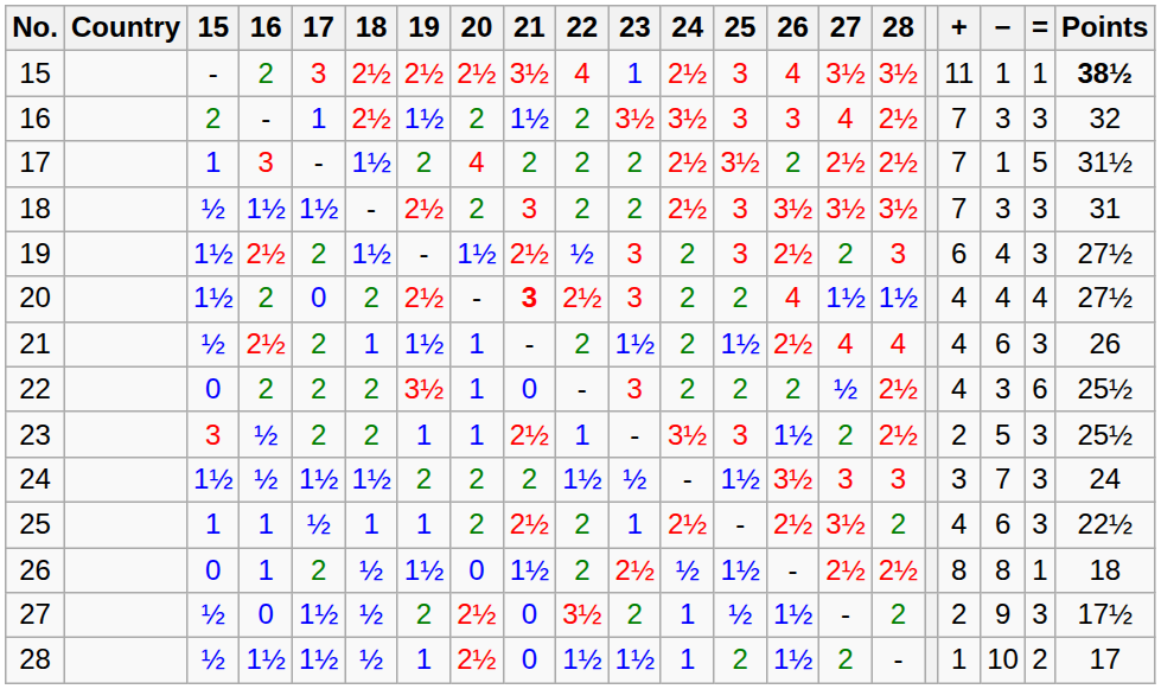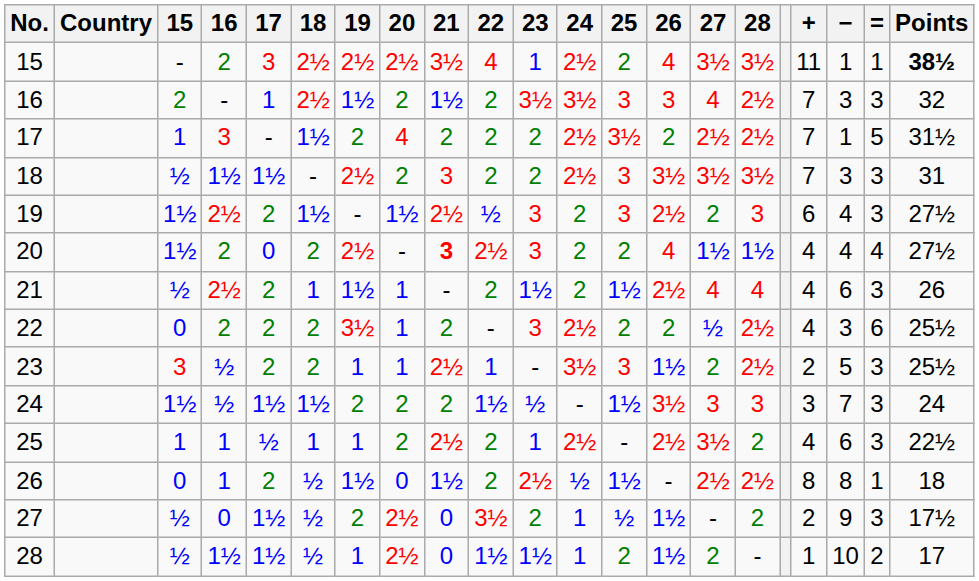 <table class="wikitable" style="text-align:center">
 <tr>
 <th>No.</th>
 <th>Country</th>
 <th>15</th>
 <th>16</th>
 <th>17</th>
 <th>18</th>
 <th>19</th>
 <th>20</th>
 <th>21</th>
 <th>22</th>
 <th>23</th>
 <th>24</th>
 <th>25</th>
 <th>26</th>
 <th>27</th>
 <th>28</th>
 <th></th>
 <th>+</th>
 <th>−</th>
 <th>=</th>
 <th>Points</th>
 </tr>
 <tr>
 <td>15</td>
 <td style="text-align: left"></td>
 <td>-</td>
 <td style="color:green;">2</td>
 <td style="color:red;">3</td>
 <td style="color:red;">2½</td>
 <td style="color:red;">2½</td>
 <td style="color:red;">2½</td>
 <td style="color:red;">3½</td>
 <td style="color:red;">4</td>
 <td style="color:blue;">1</td>
 <td style="color:red;">2½</td>
-<td style="color:red;">3</td>
+<td style="color:green;">2</td>
 <td style="color:red;">4</td>
 <td style="color:red;">3½</td>
 <td style="color:red;">3½</td>
 <th></th>
 <td>11</td>
 <td>1</td>
 <td>1</td>
 <td><strong>38½ </strong></td>
 </tr>
 <tr>
 <td>16</td>
 <td style="text-align: left"></td>
 <td style="color:green;">2</td>
 <td>-</td>
 <td style="color:blue;">1</td>
 <td style="color:red;">2½</td>
 <td style="color:blue;">1½</td>
 <td style="color:green;">2</td>
 <td style="color:blue;">1½</td>
 <td style="color:green;">2</td>
 <td style="color:red;">3½</td>
 <td style="color:red;">3½</td>
 <td style="color:red;">3</td>
 <td style="color:red;">3</td>
 <td style="color:red;">4</td>
 <td style="color:red;">2½</td>
 <th></th>
 <td>7</td>
 <td>3</td>
 <td>3</td>
 <td>32</td>
 </tr>
 <tr>
 <td>17</td>
 <td style="text-align: left"></td>
 <td style="color:blue;">1</td>
 <td style="color:red;">3</td>
 <td>-</td>
 <td style="color:blue;">1½</td>
 <td style="color:green;">2</td>
 <td style="color:red;">4</td>
 <td style="color:green;">2</td>
 <td style="color:green;">2</td>
 <td style="color:green;">2</td>
 <td style="color:red;">2½</td>
 <td style="color:red;">3½</td>
 <td style="color:green;">2</td>
 <td style="color:red;">2½</td>
 <td style="color:red;">2½</td>
 <th></th>
 <td>7</td>
 <td>1</td>
 <td>5</td>
 <td>31½</td>
 </tr>
 <tr>
 <td>18</td>
 <td style="text-align: left"></td>
 <td style="color:blue;">½</td>
 <td style="color:blue;">1½</td>
 <td style="color:blue;">1½</td>
 <td>-</td>
 <td style="color:red;">2½</td>
 <td style="color:green;">2</td>
 <td style="color:red;">3</td>
 <td style="color:green;">2</td>
 <td style="color:green;">2</td>
 <td style="color:red;">2½</td>
 <td style="color:red;">3</td>
 <td style="color:red;">3½</td>
 <td style="color:red;">3½</td>
 <td style="color:red;">3½</td>
 <th></th>
 <td>7</td>
 <td>3</td>
 <td>3</td>
 <td>31</td>
 </tr>
 <tr>
 <td>19</td>
 <td style="text-align: left"></td>
 <td style="color:blue;">1½</td>
 <td style="color:red;">2½</td>
 <td style="color:green;">2</td>
 <td style="color:blue;">1½</td>
 <td>-</td>
 <td style="color:blue;">1½</td>
 <td style="color:red;">2½</td>
 <td style="color:blue;">½</td>
 <td style="color:red;">3</td>
 <td style="color:green;">2</td>
 <td style="color:red;">3</td>
 <td style="color:red;">2½</td>
 <td style="color:green;">2</td>
 <td style="color:red;">3</td>
 <th></th>
 <td>6</td>
 <td>4</td>
 <td>3</td>
 <td>27½</td>
 </tr>
 <tr>
 <td>20</td>
 <td style="text-align: left"></td>
 <td style="color:blue;">1½</td>
 <td style="color:green;">2</td>
 <td style="color:blue;">0</td>
 <td style="color:green;">2</td>
 <td style="color:red;">2½</td>
 <td>-</td>
 <td style="color:red;"><strong>3</strong></td>
 <td style="color:red;">2½</td>
 <td style="color:red;">3</td>
 <td style="color:green;">2</td>
 <td style="color:green;">2</td>
 <td style="color:red;">4</td>
 <td style="color:blue;">1½</td>
 <td style="color:blue;">1½</td>
 <th></th>
 <td>4</td>
 <td>4</td>
 <td>4</td>
 <td>27½</td>
 </tr>
 <tr>
 <td>21</td>
 <td style="text-align: left"></td>
 <td style="color:blue;">½</td>
 <td style="color:red;">2½</td>
 <td style="color:green;">2</td>
 <td style="color:blue;">1</td>
 <td style="color:blue;">1½</td>
 <td style="color:blue;">1</td>
 <td>-</td>
 <td style="color:green;">2</td>
 <td style="color:blue;">1½</td>
 <td style="color:green;">2</td>
 <td style="color:blue;">1½</td>
 <td style="color:red;">2½</td>
 <td style="color:red;">4</td>
 <td style="color:red;">4</td>
 <th></th>
 <td>4</td>
 <td>6</td>
 <td>3</td>
 <td>26</td>
 </tr>
 <tr>
 <td>22</td>
 <td style="text-align: left"></td>
 <td style="color:blue;">0</td>
 <td style="color:green;">2</td>
 <td style="color:green;">2</td>
 <td style="color:green;">2</td>
 <td style="color:red;">3½</td>
 <td style="color:blue;">1</td>
-<td style="color:blue;">0</td>
+<td style="color:green;">2</td>
 <td>-</td>
 <td style="color:red;">3</td>
-<td style="color:green;">2</td>
+<td style="color:red;">2½</td>
 <td style="color:green;">2</td>
 <td style="color:green;">2</td>
 <td style="color:blue;">½</td>
 <td style="color:red;">2½</td>
 <th></th>
 <td>4</td>
 <td>3</td>
 <td>6</td>
 <td>25½</td>
 </tr>
 <tr>
 <td>23</td>
 <td style="text-align: left"></td>
 <td style="color:red;">3</td>
 <td style="color:blue;">½</td>
 <td style="color:green;">2</td>
 <td style="color:green;">2</td>
 <td style="color:blue;">1</td>
 <td style="color:blue;">1</td>
 <td style="color:red;">2½</td>
 <td style="color:blue;">1</td>
 <td>-</td>
 <td style="color:red;">3½</td>
 <td style="color:red;">3</td>
 <td style="color:blue;">1½</td>
 <td style="color:green;">2</td>
 <td style="color:red;">2½</td>
 <th></th>
 <td>2</td>
 <td>5</td>
 <td>3</td>
 <td>25½</td>
 </tr>
 <tr>
 <td>24</td>
 <td style="text-align: left"></td>
 <td style="color:blue;">1½</td>
 <td style="color:blue;">½</td>
 <td style="color:blue;">1½</td>
 <td style="color:blue;">1½</td>
 <td style="color:green;">2</td>
 <td style="color:green;">2</td>
 <td style="color:green;">2</td>
 <td style="color:blue;">1½</td>
 <td style="color:blue;">½</td>
 <td>-</td>
 <td style="color:blue;">1½</td>
 <td style="color:red;">3½</td>
 <td style="color:red;">3</td>
 <td style="color:red;">3</td>
 <th></th>
 <td>3</td>
 <td>7</td>
 <td>3</td>
 <td>24</td>
 </tr>
 <tr>
 <td>25</td>
 <td style="text-align: left"></td>
 <td style="color:blue;">1</td>
 <td style="color:blue;">1</td>
 <td style="color:blue;">½</td>
 <td style="color:blue;">1</td>
 <td style="color:blue;">1</td>
 <td style="color:green;">2</td>
 <td style="color:red;">2½</td>
 <td style="color:green;">2</td>
 <td style="color:blue;">1</td>
 <td style="color:red;">2½</td>
 <td>-</td>
 <td style="color:red;">2½</td>
 <td style="color:red;">3½</td>
 <td style="color:green;">2</td>
 <th></th>
 <td>4</td>
 <td>6</td>
 <td>3</td>
 <td>22½</td>
 </tr>
 <tr>
 <td>26</td>
 <td style="text-align: left"></td>
 <td style="color:blue;">0</td>
 <td style="color:blue;">1</td>
 <td style="color:green;">2</td>
 <td style="color:blue;">½</td>
 <td style="color:blue;">1½</td>
 <td style="color:blue;">0</td>
 <td style="color:blue;">1½</td>
 <td style="color:green;">2</td>
 <td style="color:red;">2½</td>
 <td style="color:blue;">½</td>
 <td style="color:blue;">1½</td>
 <td>-</td>
 <td style="color:red;">2½</td>
 <td style="color:red;">2½</td>
 <th></th>
 <td>8</td>
 <td>8</td>
 <td>1</td>
 <td>18</td>
 </tr>
 <tr>
 <td>27</td>
 <td style="text-align: left"></td>
 <td style="color:blue;">½</td>
 <td style="color:blue;">0</td>
 <td style="color:blue;">1½</td>
 <td style="color:blue;">½</td>
 <td style="color:green;">2</td>
 <td style="color:red;">2½</td>
 <td style="color:blue;">0</td>
 <td style="color:red;">3½</td>
 <td style="color:green;">2</td>
 <td style="color:blue;">1</td>
 <td style="color:blue;">½</td>
 <td style="color:blue;">1½</td>
 <td>-</td>
 <td style="color:green;">2</td>
 <th></th>
 <td>2</td>
 <td>9</td>
 <td>3</td>
 <td>17½</td>
 </tr>
 <tr>
 <td>28</td>
 <td style="text-align: left"></td>
 <td style="color:blue;">½</td>
 <td style="color:blue;">1½</td>
 <td style="color:blue;">1½</td>
 <td style="color:blue;">½</td>
 <td style="color:blue;">1</td>
 <td style="color:red;">2½</td>
 <td style="color:blue;">0</td>
 <td style="color:blue;">1½</td>
 <td style="color:blue;">1½</td>
 <td style="color:blue;">1</td>
 <td style="color:green;">2</td>
 <td style="color:blue;">1½</td>
 <td style="color:green;">2</td>
 <td>-</td>
 <th></th>
 <td>1</td>
 <td>10</td>
 <td>2</td>
 <td>17</td>
 </tr>
 </table>
